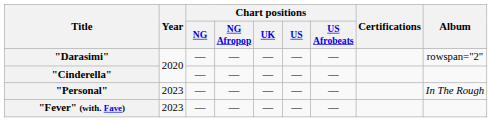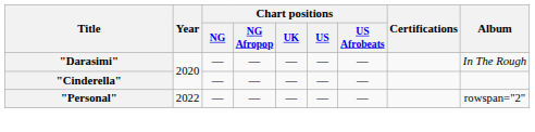 <table class="wikitable plainrowheaders" style="text-align:center">
 <tr>
 <th scope="col" rowspan="2" style="width:14em;">Title</th>
 <th scope="col" rowspan="2">Year</th>
 <th colspan="5">Chart positions</th>
 <th scope="col" rowspan="2">Certifications</th>
 <th scope="col" rowspan="2">Album</th>
 </tr>
 <tr>
 <th scope="col" style="width:2.5em;font-size:90%;"><a href='#'>NG</a><br></th>
 <th scope="col" style="width:2.5em;font-size:90%;"><a href='#'>NG<br>Afropop</a></th>
 <th scope="col" style="width:2.5em;font-size:90%;"><a href='#'>UK</a><br></th>
 <th scope="col" style="width:2.5em;font-size:90%;"><a href='#'>US</a><br></th>
 <th scope="col" style="width:2.5em;font-size:90%;"><a href='#'>US<br>Afrobeats</a></th>
 </tr>
 <tr>
 <th scope="row">"Darasimi"</th>
 <td rowspan="2">2020</td>
 <td>—</td>
 <td>—</td>
 <td>—</td>
 <td>—</td>
 <td>—</td>
 <td></td>
-<td>rowspan="2" </td>
+<td><em>In The Rough</em></td>
 </tr>
 <tr>
 <th scope="row">"Cinderella"</th>
 <td>—</td>
 <td>—</td>
 <td>—</td>
 <td>—</td>
 <td>—</td>
 <td></td>
 </tr>
 <tr>
 <th scope="row">"Personal"</th>
-<td>2023</td>
+<td>2022</td>
 <td>—</td>
 <td>—</td>
 <td>—</td>
 <td>—</td>
 <td>—</td>
 <td></td>
-<td><em>In The Rough</em></td>
-</tr>
-<tr>
-<th scope="row">"Fever" <small>(with. <a href='#'>Fave</a>)</small></th>
-<td>2023</td>
-<td>—</td>
-<td>—</td>
-<td>—</td>
-<td>—</td>
-<td>—</td>
-<td></td>
-<td></td>
+<td>rowspan="2" </td>
 </tr>
 </table>
